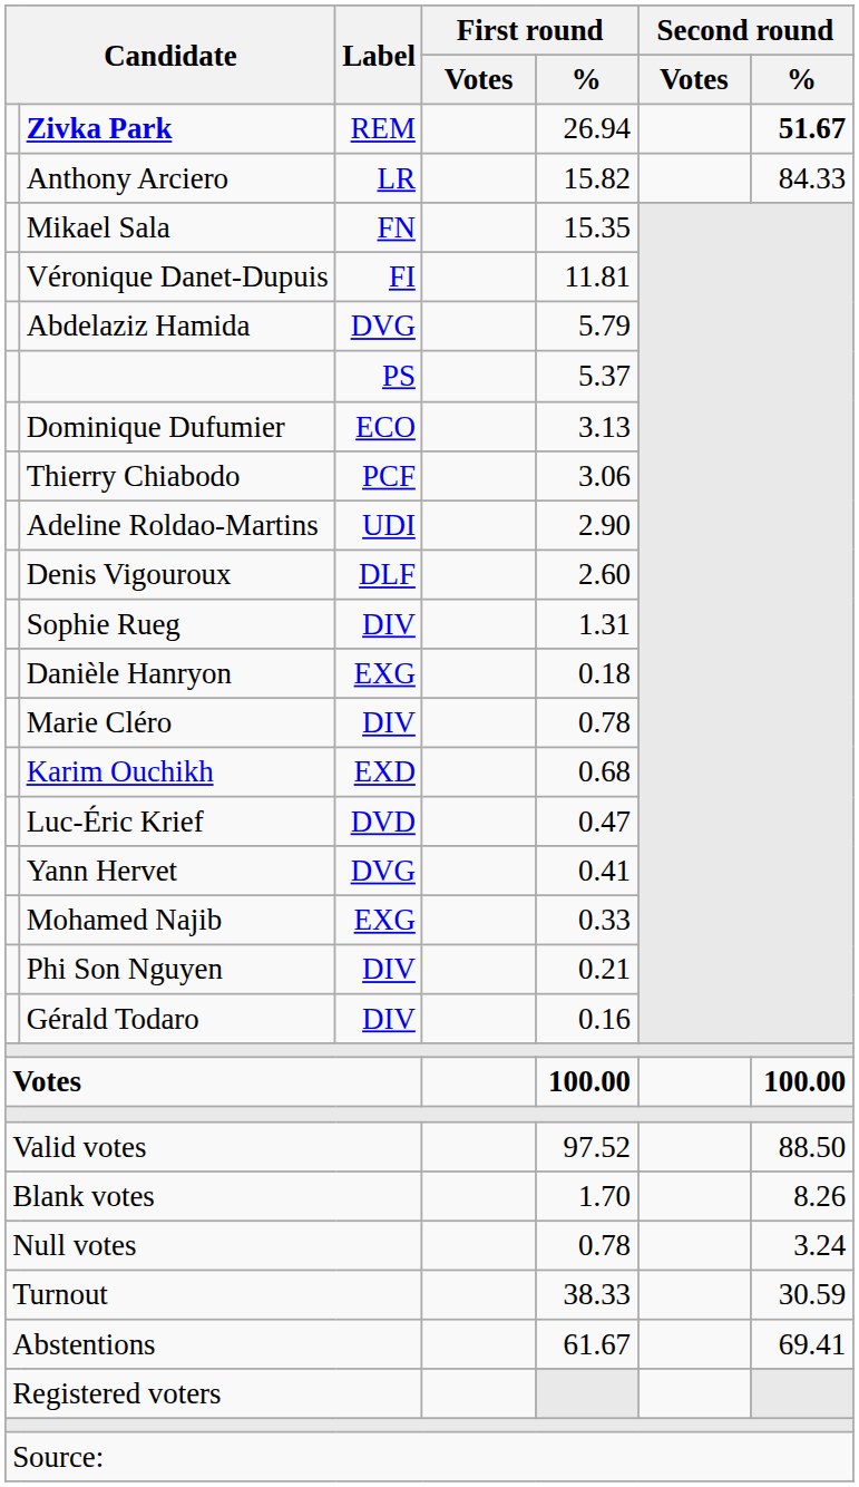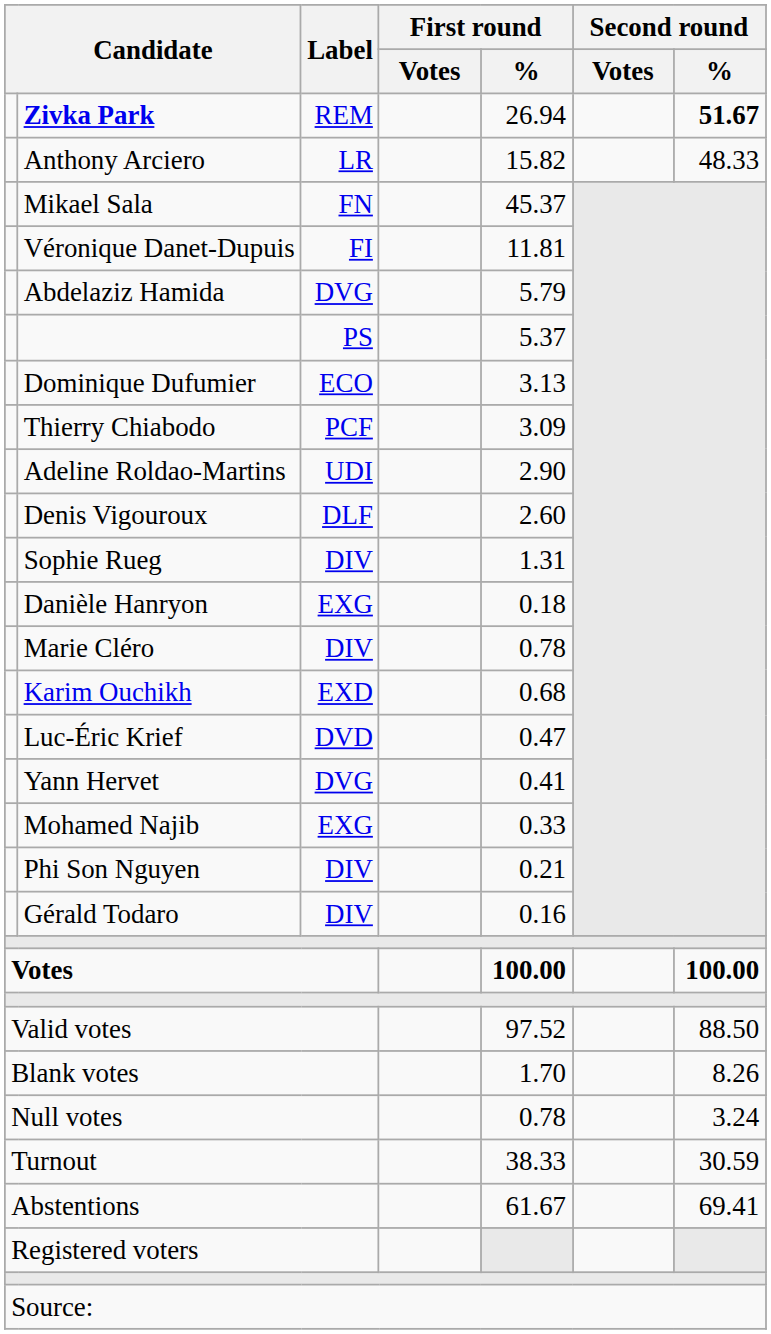 <table class="wikitable" style="text-align:right;font-size:95%;">
 <tr>
 <th rowspan="2" colspan="2">Candidate</th>
 <th rowspan="2">Label</th>
 <th colspan="2">First round</th>
 <th colspan="2">Second round</th>
 </tr>
 <tr>
 <th style="width:50px;">Votes</th>
 <th style="width:45px;">%</th>
 <th style="width:50px;">Votes</th>
 <th style="width:45px;">%</th>
 </tr>
 <tr>
 <td style="color:inherit;background:"></td>
 <td style="text-align:left;"><strong><a href='#'>Zivka Park</a></strong></td>
 <td><a href='#'>REM</a></td>
 <td></td>
 <td>26.94</td>
 <td><strong></strong></td>
 <td><strong>51.67</strong></td>
 </tr>
 <tr>
 <td style="color:inherit;background:"></td>
 <td style="text-align:left;">Anthony Arciero</td>
 <td><a href='#'>LR</a></td>
 <td></td>
 <td>15.82</td>
 <td></td>
-<td>84.33</td>
+<td>48.33</td>
 </tr>
 <tr>
 <td style="color:inherit;background:"></td>
 <td style="text-align:left;">Mikael Sala</td>
 <td><a href='#'>FN</a></td>
 <td></td>
-<td>15.35</td>
+<td>45.37</td>
 <td colspan="2" rowspan="17" style="background:#E9E9E9;"></td>
 </tr>
 <tr>
 <td style="color:inherit;background:"></td>
 <td style="text-align:left;">Véronique Danet-Dupuis</td>
 <td><a href='#'>FI</a></td>
 <td></td>
 <td>11.81</td>
 </tr>
 <tr>
 <td style="color:inherit;background:"></td>
 <td style="text-align:left;">Abdelaziz Hamida</td>
 <td><a href='#'>DVG</a></td>
 <td></td>
 <td>5.79</td>
 </tr>
 <tr>
 <td style="color:inherit;background:"></td>
 <td style="text-align:left;"></td>
 <td><a href='#'>PS</a></td>
 <td></td>
 <td>5.37</td>
 </tr>
 <tr>
 <td style="color:inherit;background:"></td>
 <td style="text-align:left;">Dominique Dufumier</td>
 <td><a href='#'>ECO</a></td>
 <td></td>
 <td>3.13</td>
 </tr>
 <tr>
 <td style="color:inherit;background:"></td>
 <td style="text-align:left;">Thierry Chiabodo</td>
 <td><a href='#'>PCF</a></td>
 <td></td>
-<td>3.06</td>
+<td>3.09</td>
 </tr>
 <tr>
 <td style="color:inherit;background:"></td>
 <td style="text-align:left;">Adeline Roldao-Martins</td>
 <td><a href='#'>UDI</a></td>
 <td></td>
 <td>2.90</td>
 </tr>
 <tr>
 <td style="color:inherit;background:"></td>
 <td style="text-align:left;">Denis Vigouroux</td>
 <td><a href='#'>DLF</a></td>
 <td></td>
 <td>2.60</td>
 </tr>
 <tr>
 <td style="color:inherit;background:"></td>
 <td style="text-align:left;">Sophie Rueg</td>
 <td><a href='#'>DIV</a></td>
 <td></td>
 <td>1.31</td>
 </tr>
 <tr>
 <td style="color:inherit;background:"></td>
 <td style="text-align:left;">Danièle Hanryon</td>
 <td><a href='#'>EXG</a></td>
 <td></td>
 <td>0.18</td>
 </tr>
 <tr>
 <td style="color:inherit;background:"></td>
 <td style="text-align:left;">Marie Cléro</td>
 <td><a href='#'>DIV</a></td>
 <td></td>
 <td>0.78</td>
 </tr>
 <tr>
 <td style="color:inherit;background:"></td>
 <td style="text-align:left;"><a href='#'>Karim Ouchikh</a></td>
 <td><a href='#'>EXD</a></td>
 <td></td>
 <td>0.68</td>
 </tr>
 <tr>
 <td style="color:inherit;background:"></td>
 <td style="text-align:left;">Luc-Éric Krief</td>
 <td><a href='#'>DVD</a></td>
 <td></td>
 <td>0.47</td>
 </tr>
 <tr>
 <td style="color:inherit;background:"></td>
 <td style="text-align:left;">Yann Hervet</td>
 <td><a href='#'>DVG</a></td>
 <td></td>
 <td>0.41</td>
 </tr>
 <tr>
 <td style="color:inherit;background:"></td>
 <td style="text-align:left;">Mohamed Najib</td>
 <td><a href='#'>EXG</a></td>
 <td></td>
 <td>0.33</td>
 </tr>
 <tr>
 <td style="color:inherit;background:"></td>
 <td style="text-align:left;">Phi Son Nguyen</td>
 <td><a href='#'>DIV</a></td>
 <td></td>
 <td>0.21</td>
 </tr>
 <tr>
 <td style="color:inherit;background:"></td>
 <td style="text-align:left;">Gérald Todaro</td>
 <td><a href='#'>DIV</a></td>
 <td></td>
 <td>0.16</td>
 </tr>
 <tr>
 <td colspan="7" style="background:#E9E9E9;"></td>
 </tr>
 <tr style="font-weight:bold;">
 <td colspan="3" style="text-align:left;">Votes</td>
 <td></td>
 <td>100.00</td>
 <td></td>
 <td>100.00</td>
 </tr>
 <tr>
 <td colspan="7" style="background:#E9E9E9;"></td>
 </tr>
 <tr>
 <td colspan="3" style="text-align:left;">Valid votes</td>
 <td></td>
 <td>97.52</td>
 <td></td>
 <td>88.50</td>
 </tr>
 <tr>
 <td colspan="3" style="text-align:left;">Blank votes</td>
 <td></td>
 <td>1.70</td>
 <td></td>
 <td>8.26</td>
 </tr>
 <tr>
 <td colspan="3" style="text-align:left;">Null votes</td>
 <td></td>
 <td>0.78</td>
 <td></td>
 <td>3.24</td>
 </tr>
 <tr>
 <td colspan="3" style="text-align:left;">Turnout</td>
 <td></td>
 <td>38.33</td>
 <td></td>
 <td>30.59</td>
 </tr>
 <tr>
 <td colspan="3" style="text-align:left;">Abstentions</td>
 <td></td>
 <td>61.67</td>
 <td></td>
 <td>69.41</td>
 </tr>
 <tr>
 <td colspan="3" style="text-align:left;">Registered voters</td>
 <td></td>
 <td style="color:inherit;background:#E9E9E9;"></td>
 <td></td>
 <td style="color:inherit;background:#E9E9E9;"></td>
 </tr>
 <tr>
 <td colspan="7" style="background:#E9E9E9;"></td>
 </tr>
 <tr>
 <td colspan="7" style="text-align:left;">Source: </td>
 </tr>
 </table>
